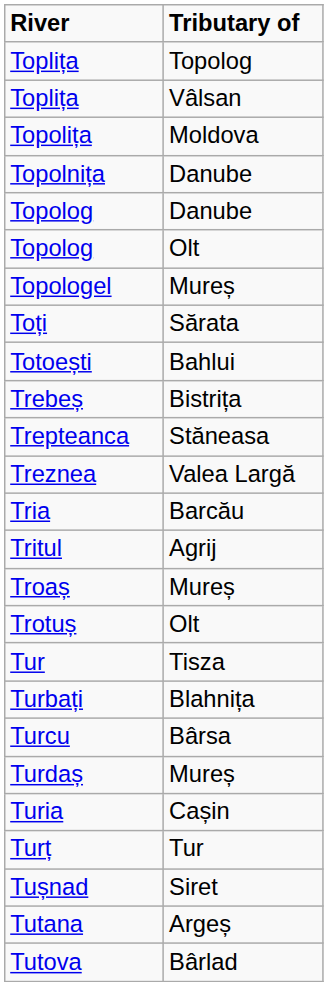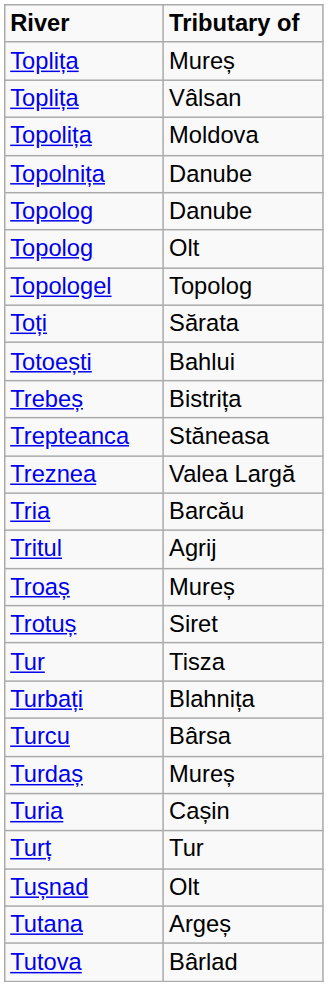 <table class="wikitable">
 <tr>
 <td width="100pt"><strong>River</strong></td>
 <td width="100pt"><strong>Tributary of</strong></td>
 </tr>
 <tr>
 <td><a href='#'>Toplița</a></td>
-<td>Topolog</td>
+<td>Mureș</td>
 </tr>
 <tr>
 <td><a href='#'>Toplița</a></td>
 <td>Vâlsan</td>
 </tr>
 <tr>
 <td><a href='#'>Topolița</a></td>
 <td>Moldova</td>
 </tr>
 <tr>
 <td><a href='#'>Topolnița</a></td>
 <td>Danube</td>
 </tr>
 <tr>
 <td><a href='#'>Topolog</a></td>
 <td>Danube</td>
 </tr>
 <tr>
 <td><a href='#'>Topolog</a></td>
 <td>Olt</td>
 </tr>
 <tr>
 <td><a href='#'>Topologel</a></td>
-<td>Mureș</td>
+<td>Topolog</td>
 </tr>
 <tr>
 <td><a href='#'>Toți</a></td>
 <td>Sărata</td>
 </tr>
 <tr>
 <td><a href='#'>Totoești</a></td>
 <td>Bahlui</td>
 </tr>
 <tr>
 <td><a href='#'>Trebeș</a></td>
 <td>Bistrița</td>
 </tr>
 <tr>
 <td><a href='#'>Trepteanca</a></td>
 <td>Stăneasa</td>
 </tr>
 <tr>
 <td><a href='#'>Treznea</a></td>
 <td>Valea Largă</td>
 </tr>
 <tr>
 <td><a href='#'>Tria</a></td>
 <td>Barcău</td>
 </tr>
 <tr>
 <td><a href='#'>Tritul</a></td>
 <td>Agrij</td>
 </tr>
 <tr>
 <td><a href='#'>Troaș</a></td>
 <td>Mureș</td>
 </tr>
 <tr>
 <td><a href='#'>Trotuș</a></td>
-<td>Olt</td>
+<td>Siret</td>
 </tr>
 <tr>
 <td><a href='#'>Tur</a></td>
 <td>Tisza</td>
 </tr>
 <tr>
 <td><a href='#'>Turbați</a></td>
 <td>Blahnița</td>
 </tr>
 <tr>
 <td><a href='#'>Turcu</a></td>
 <td>Bârsa</td>
 </tr>
 <tr>
 <td><a href='#'>Turdaș</a></td>
 <td>Mureș</td>
 </tr>
 <tr>
 <td><a href='#'>Turia</a></td>
 <td>Cașin</td>
 </tr>
 <tr>
 <td><a href='#'>Turț</a></td>
 <td>Tur</td>
 </tr>
 <tr>
 <td><a href='#'>Tușnad</a></td>
-<td>Siret</td>
+<td>Olt</td>
 </tr>
 <tr>
 <td><a href='#'>Tutana</a></td>
 <td>Argeș</td>
 </tr>
 <tr>
 <td><a href='#'>Tutova</a></td>
 <td>Bârlad</td>
 </tr>
 </table>
